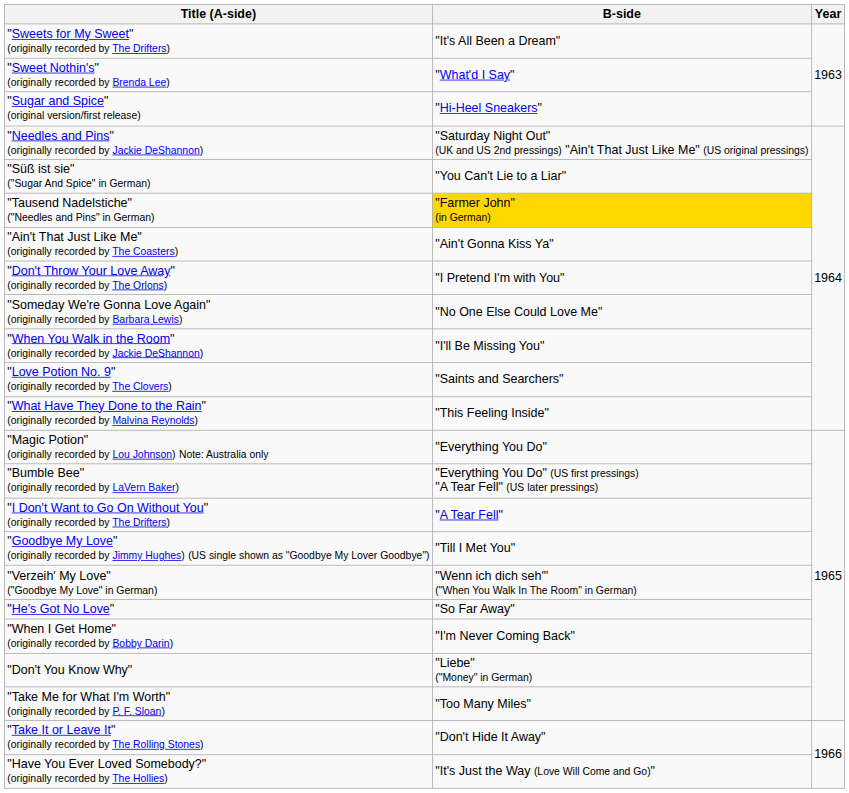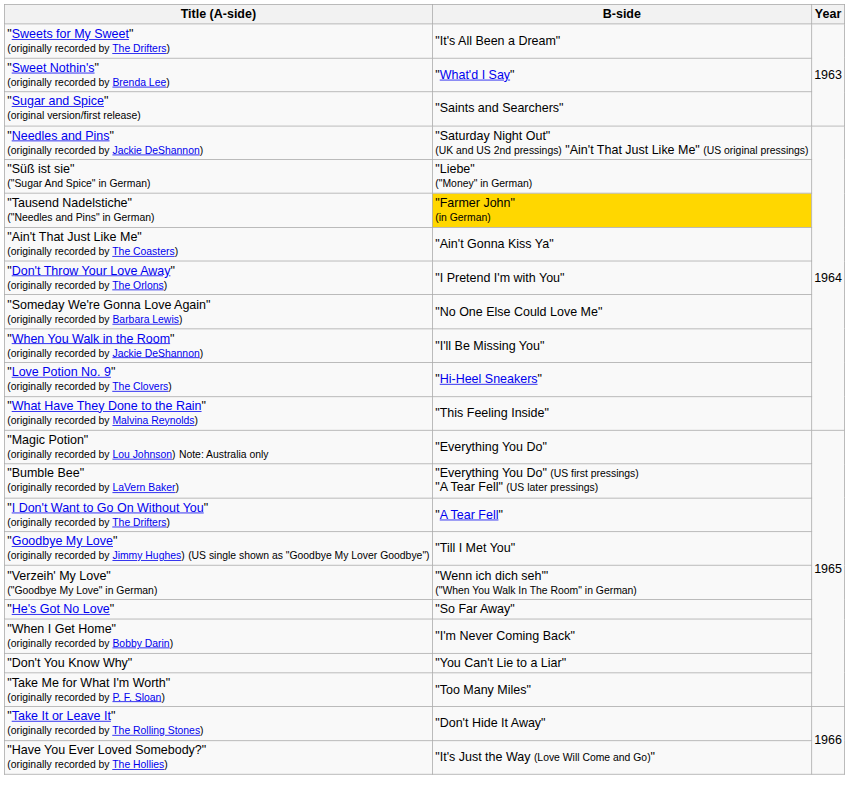 <table class="wikitable">
 <tr>
 <th>Title (A-side)</th>
 <th>B-side</th>
 <th>Year</th>
 </tr>
 <tr>
 <td>"<a href='#'>Sweets for My Sweet</a>"<br><small>(originally recorded by <a href='#'>The Drifters</a>)</small></td>
 <td>"It's All Been a Dream"</td>
 <td rowspan="3">1963</td>
 </tr>
 <tr>
 <td>"<a href='#'>Sweet Nothin's</a>"<br><small>(originally recorded by <a href='#'>Brenda Lee</a>)</small></td>
 <td>"<a href='#'>What'd I Say</a>"</td>
 </tr>
 <tr>
 <td>"<a href='#'>Sugar and Spice</a>"<br><small>(original version/first release)</small></td>
-<td>"<a href='#'>Hi-Heel Sneakers</a>"</td>
+<td>"Saints and Searchers"</td>
 </tr>
 <tr>
 <td>"<a href='#'>Needles and Pins</a>"<br><small>(originally recorded by <a href='#'>Jackie DeShannon</a>)</small></td>
 <td>"Saturday Night Out"<br><small>(UK and US 2nd pressings)</small> "Ain't That Just Like Me" <small>(US original pressings)</small></td>
 <td rowspan="9">1964</td>
 </tr>
 <tr>
 <td>"Süß ist sie"<br><small>("Sugar And Spice" in German)</small></td>
-<td>"You Can't Lie to a Liar"</td>
+<td>"Liebe"<br><small>("Money" in German)</small></td>
 </tr>
 <tr>
 <td>"Tausend Nadelstiche"<br><small>("Needles and Pins" in German)</small></td>
 <td style="background: gold;">"Farmer John"<br><small>(in German)</small></td>
 </tr>
 <tr>
 <td>"Ain't That Just Like Me"<br><small>(originally recorded by <a href='#'>The Coasters</a>)</small></td>
 <td>"Ain't Gonna Kiss Ya"</td>
 </tr>
 <tr>
 <td>"<a href='#'>Don't Throw Your Love Away</a>"<br><small>(originally recorded by <a href='#'>The Orlons</a>)</small></td>
 <td>"I Pretend I'm with You"</td>
 </tr>
 <tr>
 <td>"Someday We're Gonna Love Again"<br><small>(originally recorded by <a href='#'>Barbara Lewis</a>)</small></td>
 <td>"No One Else Could Love Me"</td>
 </tr>
 <tr>
 <td>"<a href='#'>When You Walk in the Room</a>"<br><small>(originally recorded by <a href='#'>Jackie DeShannon</a>)</small></td>
 <td>"I'll Be Missing You"</td>
 </tr>
 <tr>
 <td>"<a href='#'>Love Potion No. 9</a>"<br><small>(originally recorded by <a href='#'>The Clovers</a>)</small></td>
-<td>"Saints and Searchers"</td>
+<td>"<a href='#'>Hi-Heel Sneakers</a>"</td>
 </tr>
 <tr>
 <td>"<a href='#'>What Have They Done to the Rain</a>"<br><small>(originally recorded by <a href='#'>Malvina Reynolds</a>)</small></td>
 <td>"This Feeling Inside"</td>
 </tr>
 <tr>
 <td>"Magic Potion"<br><small>(originally recorded by <a href='#'>Lou Johnson</a>)</small> <small>Note: Australia only</small></td>
 <td>"Everything You Do"</td>
 <td rowspan="9">1965</td>
 </tr>
 <tr>
 <td>"Bumble Bee"<br><small>(originally recorded by <a href='#'>LaVern Baker</a>)</small></td>
 <td>"Everything You Do" <small>(US first pressings)</small><br>"A Tear Fell" <small>(US later pressings)</small></td>
 </tr>
 <tr>
 <td>"<a href='#'>I Don't Want to Go On Without You</a>"<br><small>(originally recorded by <a href='#'>The Drifters</a>)</small></td>
 <td>"<a href='#'>A Tear Fell</a>"</td>
 </tr>
 <tr>
 <td>"<a href='#'>Goodbye My Love</a>"<br><small>(originally recorded by <a href='#'>Jimmy Hughes</a>)</small> <small>(US single shown as "Goodbye My Lover Goodbye")</small></td>
 <td>"Till I Met You"</td>
 </tr>
 <tr>
 <td>"Verzeih' My Love"<br><small>("Goodbye My Love" in German)</small></td>
 <td>"Wenn ich dich seh'"<br><small>("When You Walk In The Room" in German)</small></td>
 </tr>
 <tr>
 <td>"<a href='#'>He's Got No Love</a>"</td>
 <td>"So Far Away"</td>
 </tr>
 <tr>
 <td>"When I Get Home"<br><small>(originally recorded by <a href='#'>Bobby Darin</a>)</small></td>
 <td>"I'm Never Coming Back"</td>
 </tr>
 <tr>
 <td>"Don't You Know Why"</td>
-<td>"Liebe"<br><small>("Money" in German)</small></td>
+<td>"You Can't Lie to a Liar"</td>
 </tr>
 <tr>
 <td>"Take Me for What I'm Worth"<br><small>(originally recorded by <a href='#'>P. F. Sloan</a>)</small></td>
 <td>"Too Many Miles"</td>
 </tr>
 <tr>
 <td>"<a href='#'>Take It or Leave It</a>"<br><small>(originally recorded by <a href='#'>The Rolling Stones</a>)</small></td>
 <td>"Don't Hide It Away"</td>
 <td rowspan="2">1966</td>
 </tr>
 <tr>
 <td>"Have You Ever Loved Somebody?"<br><small>(originally recorded by <a href='#'>The Hollies</a>)</small></td>
 <td>"It's Just the Way <small>(Love Will Come and Go)</small>"</td>
 </tr>
 </table>
